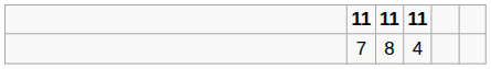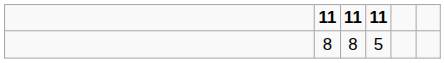 <table class="wikitable">
 <tr>
 <td style="width:18em"></td>
 <td align=center style="width:1em"><strong>11</strong></td>
 <td align=center style="width:1em"><strong>11</strong></td>
 <td align=center style="width:1em"><strong>11</strong></td>
 <td align=center style="width:1em"></td>
 <td align=center style="width:1em"></td>
 </tr>
 <tr>
 <td style="width:18em"></td>
-<td align=center style="width:1em">7</td>
 <td align=center style="width:1em">8</td>
-<td align=center style="width:1em">4</td>
+<td align=center style="width:1em">8</td>
+<td align=center style="width:1em">5</td>
 <td align=center style="width:1em"></td>
 <td align=center style="width:1em"></td>
 </tr>
 </table>
